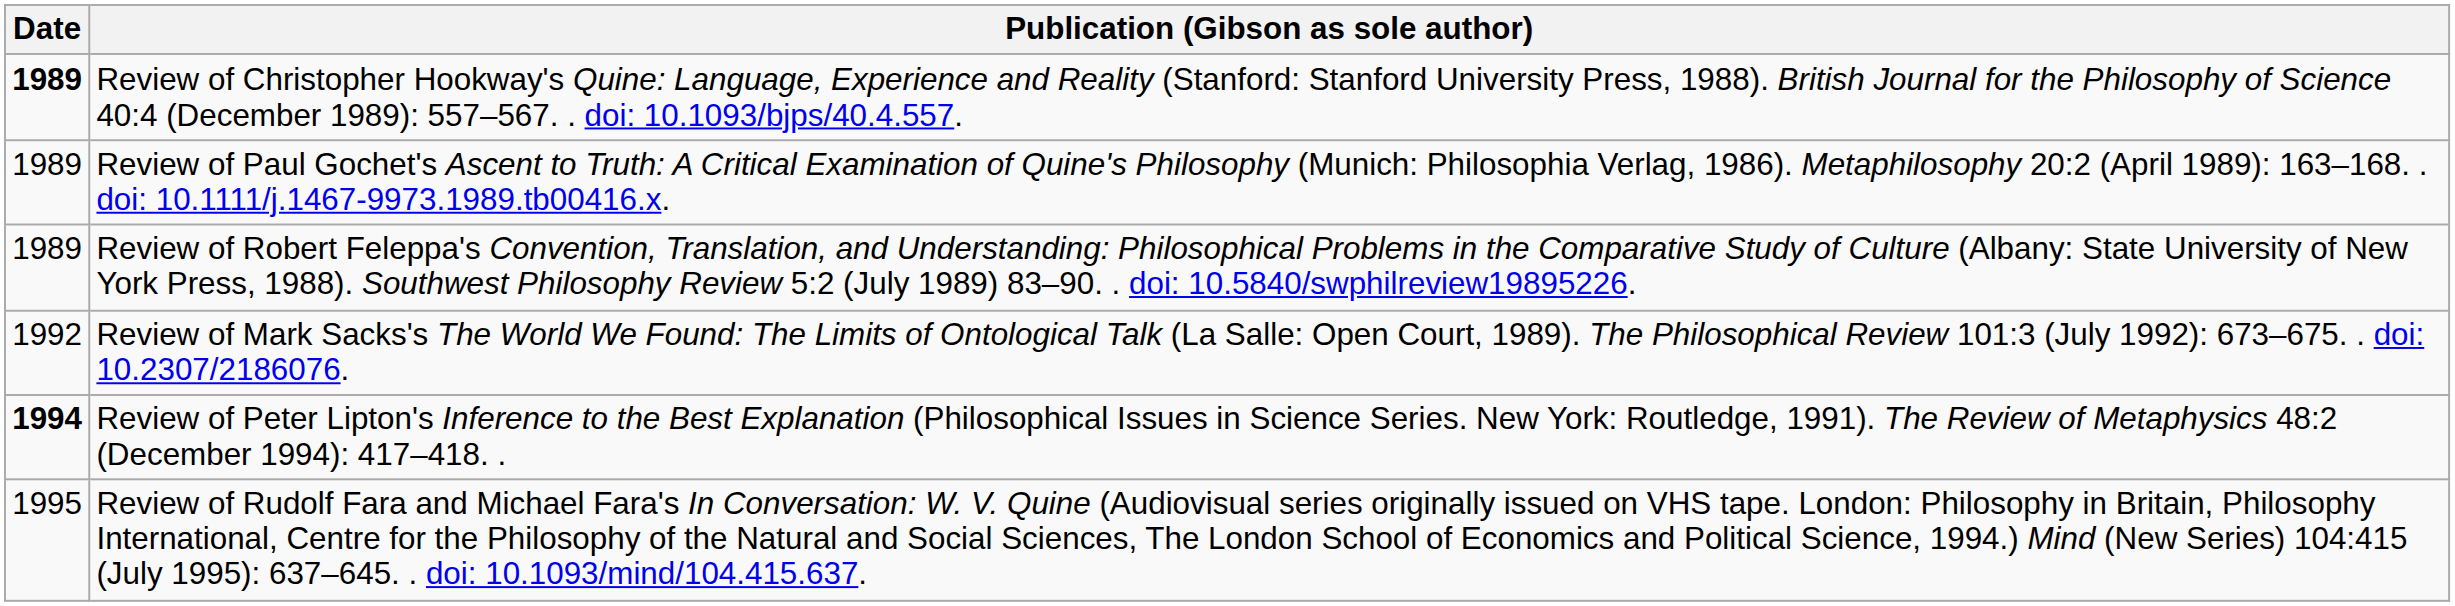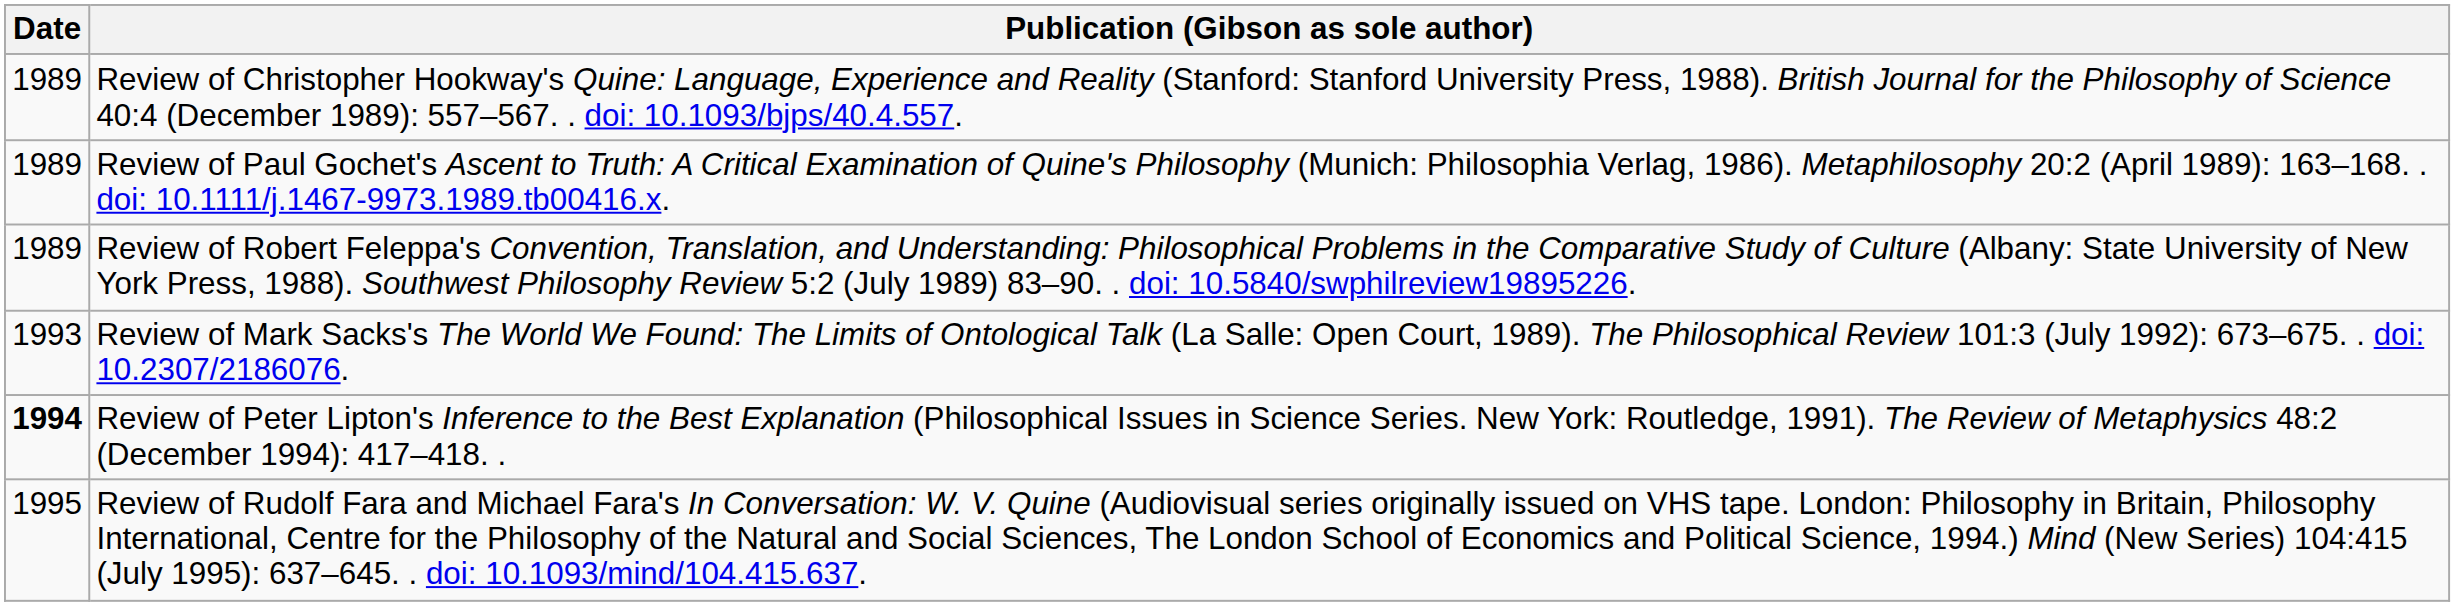 <table class="wikitable sortable">
 <tr>
 <th>Date</th>
 <th>Publication (Gibson as sole author)</th>
 </tr>
 <tr style="vertical-align:top;">
-<td><strong>1989</strong></td>
+<td>1989</td>
 <td>Review of Christopher Hookway's <em>Quine: Language, Experience and Reality</em> (Stanford: Stanford University Press, 1988). <em>British Journal for the Philosophy of Science</em> 40:4 (December 1989): 557–567. . <a href='#'>doi: 10.1093/bjps/40.4.557</a>.</td>
 </tr>
 <tr style="vertical-align:top;">
 <td>1989</td>
 <td>Review of Paul Gochet's <em>Ascent to Truth: A Critical Examination of Quine's Philosophy</em> (Munich: Philosophia Verlag, 1986). <em>Metaphilosophy</em> 20:2 (April 1989): 163–168. . <a href='#'>doi: 10.1111/j.1467-9973.1989.tb00416.x</a>.</td>
 </tr>
 <tr style="vertical-align:top;">
 <td>1989</td>
 <td>Review of Robert Feleppa's <em>Convention, Translation, and Understanding: Philosophical Problems in the Comparative Study of Culture</em> (Albany: State University of New York Press, 1988). <em>Southwest Philosophy Review</em> 5:2 (July 1989) 83–90. . <a href='#'>doi: 10.5840/swphilreview19895226</a>.</td>
 </tr>
 <tr style="vertical-align:top;">
-<td>1992</td>
+<td>1993</td>
 <td>Review of Mark Sacks's <em>The World We Found: The Limits of Ontological Talk</em> (La Salle: Open Court, 1989). <em>The Philosophical Review</em> 101:3 (July 1992): 673–675. . <a href='#'>doi: 10.2307/2186076</a>.</td>
 </tr>
 <tr style="vertical-align:top;">
 <td><strong>1994</strong></td>
 <td>Review of Peter Lipton's <em>Inference to the Best Explanation</em> (Philosophical Issues in Science Series. New York: Routledge, 1991). <em>The Review of Metaphysics</em> 48:2 (December 1994): 417–418. .</td>
 </tr>
 <tr style="vertical-align:top;">
 <td>1995</td>
 <td>Review of Rudolf Fara and Michael Fara's <em>In Conversation: W. V. Quine</em> (Audiovisual series originally issued on VHS tape. London: Philosophy in Britain, Philosophy International, Centre for the Philosophy of the Natural and Social Sciences, The London School of Economics and Political Science, 1994.) <em>Mind</em> (New Series) 104:415 (July 1995): 637–645. . <a href='#'>doi: 10.1093/mind/104.415.637</a>.</td>
 </tr>
 </table>
